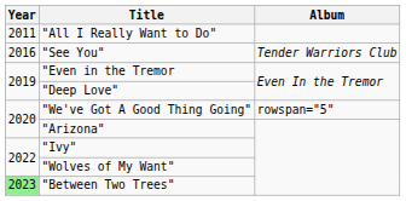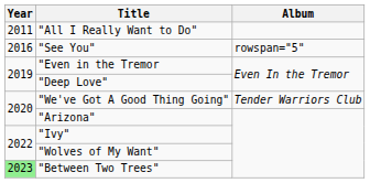 <table class="wikitable">
 <tr>
 <th>Year</th>
 <th>Title</th>
 <th>Album</th>
 </tr>
 <tr>
 <td style="text-align:center;">2011</td>
 <td>"All I Really Want to Do"</td>
 <td></td>
 </tr>
 <tr>
 <td style="text-align:center;">2016</td>
 <td>"See You"</td>
-<td style="text-align:center;"><em>Tender Warriors Club</em></td>
+<td>rowspan="5" </td>
 </tr>
 <tr>
 <td rowspan="2">2019</td>
 <td>"Even in the Tremor</td>
 <td rowspan="2"><em>Even In the Tremor</em></td>
 </tr>
 <tr>
 <td>"Deep Love"</td>
 </tr>
 <tr>
 <td rowspan="2">2020</td>
 <td>"We've Got A Good Thing Going"</td>
-<td>rowspan="5" </td>
+<td style="text-align:center;"><em>Tender Warriors Club</em></td>
 </tr>
 <tr>
 <td>"Arizona"</td>
 </tr>
 <tr>
 <td rowspan="2">2022</td>
 <td>"Ivy"</td>
 </tr>
 <tr>
 <td>"Wolves of My Want"</td>
 </tr>
 <tr>
 <td style="background: lightgreen;">2023</td>
 <td>"Between Two Trees"</td>
 </tr>
 </table>
